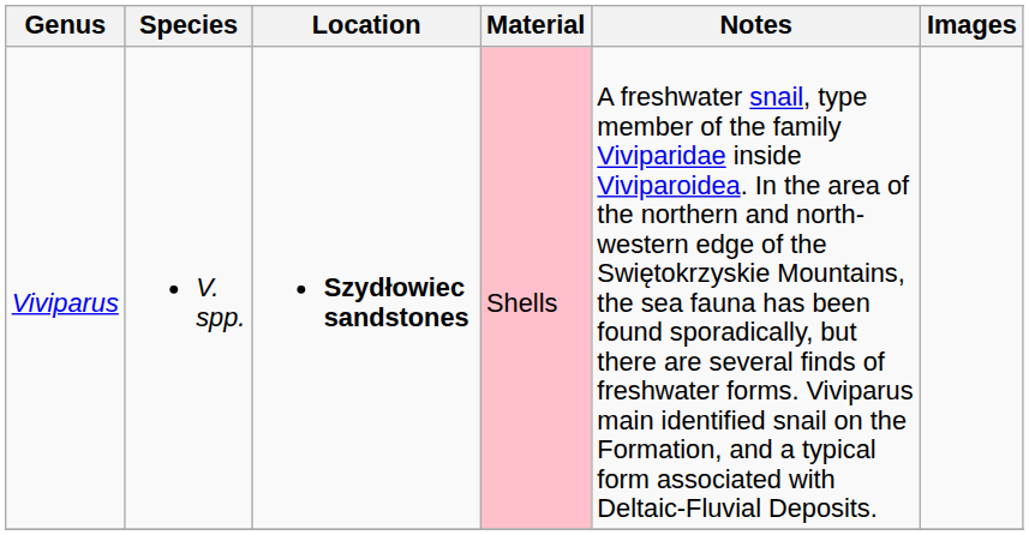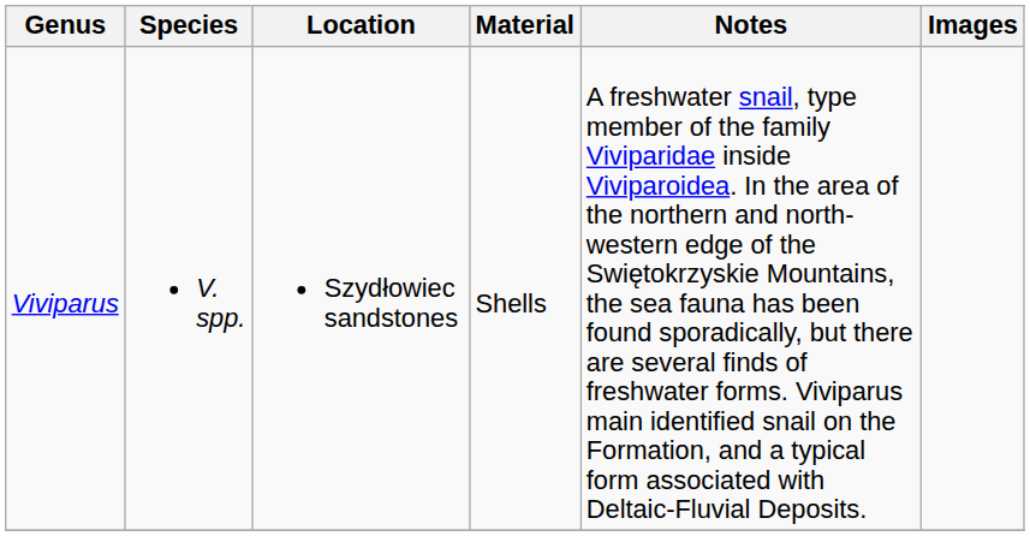 <table class="wikitable"  style="margin:auto; width:100%;">
 <tr>
 <th>Genus</th>
 <th>Species</th>
 <th>Location</th>
 <th>Material</th>
 <th>Notes</th>
 <th>Images</th>
 </tr>
 <tr>
 <td><br><em><a href='#'>Viviparus</a></em></td>
 <td><br><ul><li><em>V. spp.</em></li></ul></td>
-<td><strong><br><ul><li>Szydłowiec sandstones</li></ul></strong></td>
-<td style="background: pink;"><br>Shells</td>
+<td><br><ul><li>Szydłowiec sandstones</li></ul></td>
+<td><br>Shells</td>
 <td><br>A freshwater <a href='#'>snail</a>, type member of the family <a href='#'>Viviparidae</a> inside <a href='#'>Viviparoidea</a>. In the area of the northern and north-western edge of the Swiętokrzyskie Mountains, the sea fauna has  been found sporadically, but there are several finds of freshwater forms. Viviparus main identified snail on the Formation, and a typical form associated with Deltaic-Fluvial Deposits.</td>
 <td><br></td>
 </tr>
 <tr>
 </tr>
 </table>
